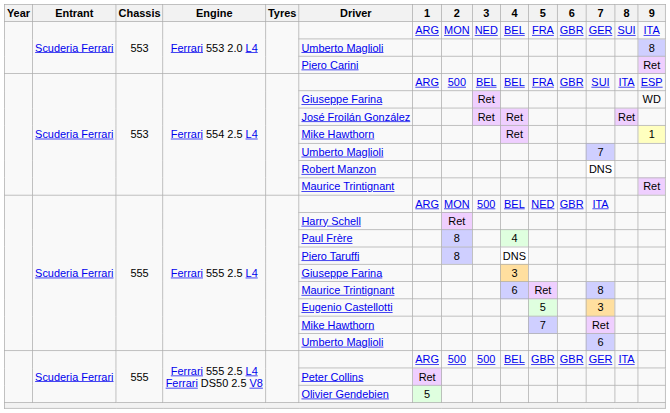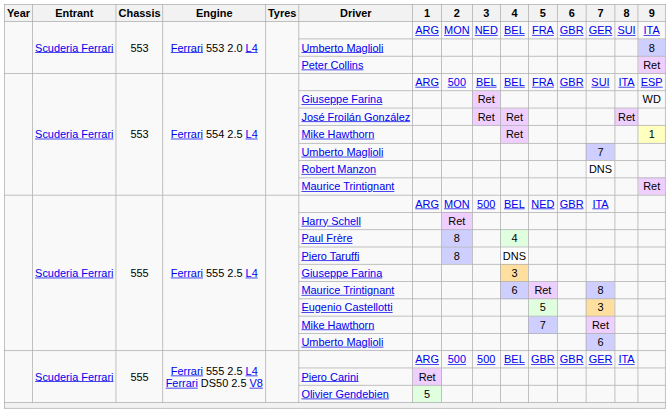 <table class="wikitable" style="text-align:center; font-size:95%">
 <tr>
 <th>Year</th>
 <th>Entrant</th>
 <th>Chassis</th>
 <th>Engine</th>
 <th>Tyres</th>
 <th>Driver</th>
 <th>1</th>
 <th>2</th>
 <th>3</th>
 <th>4</th>
 <th>5</th>
 <th>6</th>
 <th>7</th>
 <th>8</th>
 <th>9</th>
 </tr>
 <tr>
 <td rowspan="3"></td>
 <td rowspan="3"><a href='#'>Scuderia Ferrari</a></td>
 <td rowspan="3">553</td>
 <td rowspan="3"><a href='#'>Ferrari</a> 553 2.0 <a href='#'>L4</a></td>
 <td rowspan="3"></td>
 <td></td>
 <td><a href='#'>ARG</a></td>
 <td><a href='#'>MON</a></td>
 <td><a href='#'>NED</a></td>
 <td><a href='#'>BEL</a></td>
 <td><a href='#'>FRA</a></td>
 <td><a href='#'>GBR</a></td>
 <td><a href='#'>GER</a></td>
 <td><a href='#'>SUI</a></td>
 <td><a href='#'>ITA</a></td>
 </tr>
 <tr>
 <td align="left"><a href='#'>Umberto Maglioli</a></td>
 <td></td>
 <td></td>
 <td></td>
 <td></td>
 <td></td>
 <td></td>
 <td></td>
 <td></td>
 <td style="background-color:#CFCFFF">8</td>
 </tr>
 <tr>
-<td align="left"><a href='#'>Piero Carini</a></td>
+<td align="left"><a href='#'>Peter Collins</a></td>
 <td></td>
 <td></td>
 <td></td>
 <td></td>
 <td></td>
 <td></td>
 <td></td>
 <td></td>
 <td style="background-color:#EFCFFF">Ret</td>
 </tr>
 <tr>
 <td rowspan="7"></td>
 <td rowspan="7"><a href='#'>Scuderia Ferrari</a></td>
 <td rowspan="7">553</td>
 <td rowspan="7"><a href='#'>Ferrari</a> 554 2.5 <a href='#'>L4</a></td>
 <td rowspan="7"></td>
 <td></td>
 <td><a href='#'>ARG</a></td>
 <td><a href='#'>500</a></td>
 <td><a href='#'>BEL</a></td>
 <td><a href='#'>BEL</a></td>
 <td><a href='#'>FRA</a></td>
 <td><a href='#'>GBR</a></td>
 <td><a href='#'>SUI</a></td>
 <td><a href='#'>ITA</a></td>
 <td><a href='#'>ESP</a></td>
 </tr>
 <tr>
 <td align="left"><a href='#'>Giuseppe Farina</a></td>
 <td></td>
 <td></td>
 <td style="background-color:#EFCFFF">Ret</td>
 <td></td>
 <td></td>
 <td></td>
 <td></td>
 <td></td>
 <td>WD</td>
 </tr>
 <tr>
 <td align="left"><a href='#'>José Froilán González</a></td>
 <td></td>
 <td></td>
 <td style="background-color:#EFCFFF">Ret</td>
 <td style="background-color:#EFCFFF">Ret</td>
 <td></td>
 <td></td>
 <td></td>
 <td style="background-color:#EFCFFF">Ret</td>
 <td></td>
 </tr>
 <tr>
 <td align="left"><a href='#'>Mike Hawthorn</a></td>
 <td></td>
 <td></td>
 <td></td>
 <td style="background-color:#EFCFFF">Ret</td>
 <td></td>
 <td></td>
 <td></td>
 <td></td>
 <td style="background-color:#FFFFBF">1</td>
 </tr>
 <tr>
 <td align="left"><a href='#'>Umberto Maglioli</a></td>
 <td></td>
 <td></td>
 <td></td>
 <td></td>
 <td></td>
 <td></td>
 <td style="background-color:#CFCFFF">7</td>
 <td></td>
 <td></td>
 </tr>
 <tr>
 <td align="left"><a href='#'>Robert Manzon</a></td>
 <td></td>
 <td></td>
 <td></td>
 <td></td>
 <td></td>
 <td></td>
 <td style="background-color:#FFFFFF">DNS</td>
 <td></td>
 <td></td>
 </tr>
 <tr>
 <td align="left"><a href='#'>Maurice Trintignant</a></td>
 <td></td>
 <td></td>
 <td></td>
 <td></td>
 <td></td>
 <td></td>
 <td></td>
 <td></td>
 <td style="background-color:#EFCFFF">Ret</td>
 </tr>
 <tr>
 <td rowspan="9"></td>
 <td rowspan="9"><a href='#'>Scuderia Ferrari</a></td>
 <td rowspan="9">555</td>
 <td rowspan="9"><a href='#'>Ferrari</a> 555 2.5 <a href='#'>L4</a></td>
 <td rowspan="9"></td>
 <td></td>
 <td><a href='#'>ARG</a></td>
 <td><a href='#'>MON</a></td>
 <td><a href='#'>500</a></td>
 <td><a href='#'>BEL</a></td>
 <td><a href='#'>NED</a></td>
 <td><a href='#'>GBR</a></td>
 <td><a href='#'>ITA</a></td>
 <td></td>
 <td></td>
 </tr>
 <tr>
 <td align="left"><a href='#'>Harry Schell</a></td>
 <td></td>
 <td style="background-color:#EFCFFF">Ret</td>
 <td></td>
 <td></td>
 <td></td>
 <td></td>
 <td></td>
 <td></td>
 <td></td>
 </tr>
 <tr>
 <td align="left"><a href='#'>Paul Frère</a></td>
 <td></td>
 <td style="background-color:#CFCFFF">8</td>
 <td></td>
 <td style="background-color:#DFFFDF">4</td>
 <td></td>
 <td></td>
 <td></td>
 <td></td>
 <td></td>
 </tr>
 <tr>
 <td align="left"><a href='#'>Piero Taruffi</a></td>
 <td></td>
 <td style="background-color:#CFCFFF">8</td>
 <td></td>
 <td style="background-color:#FFFFFF">DNS</td>
 <td></td>
 <td></td>
 <td></td>
 <td></td>
 <td></td>
 </tr>
 <tr>
 <td align="left"><a href='#'>Giuseppe Farina</a></td>
 <td></td>
 <td></td>
 <td></td>
 <td style="background-color:#FFDF9F">3</td>
 <td></td>
 <td></td>
 <td></td>
 <td></td>
 <td></td>
 </tr>
 <tr>
 <td align="left"><a href='#'>Maurice Trintignant</a></td>
 <td></td>
 <td></td>
 <td></td>
 <td style="background-color:#CFCFFF">6</td>
 <td style="background-color:#EFCFFF">Ret</td>
 <td></td>
 <td style="background-color:#CFCFFF">8</td>
 <td></td>
 <td></td>
 </tr>
 <tr>
 <td align="left"><a href='#'>Eugenio Castellotti</a></td>
 <td></td>
 <td></td>
 <td></td>
 <td></td>
 <td style="background-color:#DFFFDF">5</td>
 <td></td>
 <td style="background-color:#FFDF9F">3</td>
 <td></td>
 <td></td>
 </tr>
 <tr>
 <td align="left"><a href='#'>Mike Hawthorn</a></td>
 <td></td>
 <td></td>
 <td></td>
 <td></td>
 <td style="background-color:#CFCFFF">7</td>
 <td></td>
 <td style="background-color:#EFCFFF">Ret</td>
 <td></td>
 <td></td>
 </tr>
 <tr>
 <td align="left"><a href='#'>Umberto Maglioli</a></td>
 <td></td>
 <td></td>
 <td></td>
 <td></td>
 <td></td>
 <td></td>
 <td style="background-color:#CFCFFF">6</td>
 <td></td>
 <td></td>
 </tr>
 <tr>
 <td rowspan="3"></td>
 <td rowspan="3"><a href='#'>Scuderia Ferrari</a></td>
 <td rowspan="3">555</td>
 <td rowspan="3"><a href='#'>Ferrari</a> 555 2.5 <a href='#'>L4</a><br><a href='#'>Ferrari</a> DS50 2.5 <a href='#'>V8</a></td>
 <td rowspan="3"></td>
 <td></td>
 <td><a href='#'>ARG</a></td>
 <td><a href='#'>500</a></td>
 <td><a href='#'>500</a></td>
 <td><a href='#'>BEL</a></td>
 <td><a href='#'>GBR</a></td>
 <td><a href='#'>GBR</a></td>
 <td><a href='#'>GER</a></td>
 <td><a href='#'>ITA</a></td>
 <td></td>
 </tr>
 <tr>
-<td align="left"><a href='#'>Peter Collins</a></td>
+<td align="left"><a href='#'>Piero Carini</a></td>
 <td style="background-color:#EFCFFF">Ret</td>
 <td></td>
 <td></td>
 <td></td>
 <td></td>
 <td></td>
 <td></td>
 <td></td>
 <td></td>
 </tr>
 <tr>
 <td align="left"><a href='#'>Olivier Gendebien</a></td>
 <td style="background-color:#DFFFDF">5</td>
 <td></td>
 <td></td>
 <td></td>
 <td></td>
 <td></td>
 <td></td>
 <td></td>
 <td></td>
 </tr>
 <tr>
 <th colspan="16"></th>
 </tr>
 </table>
